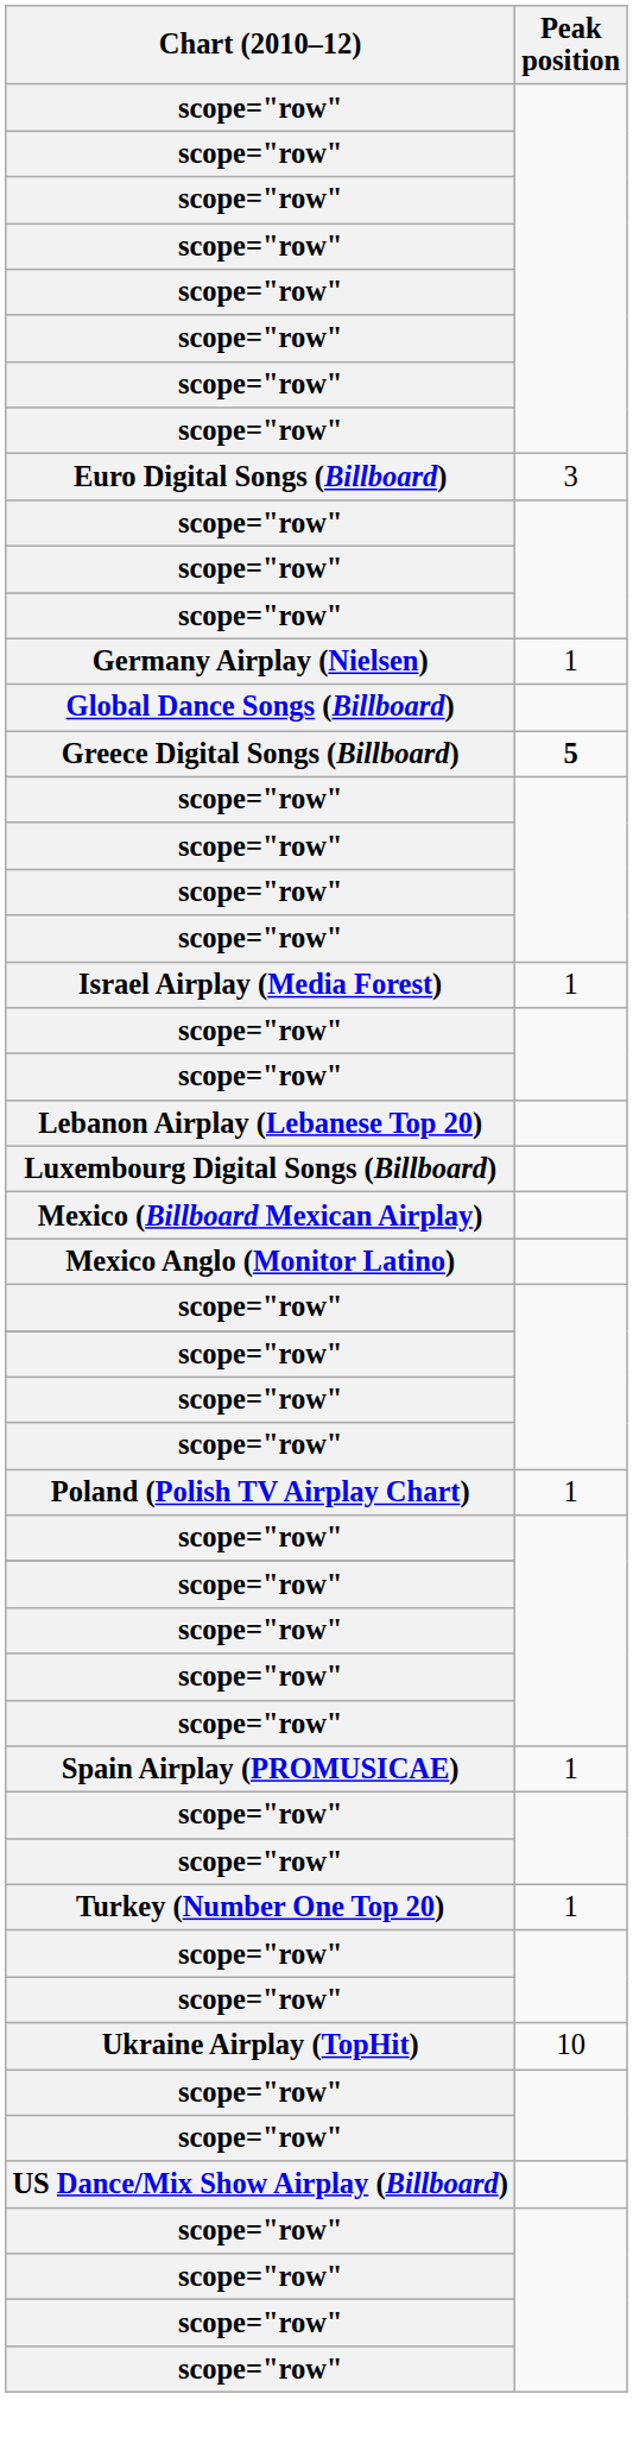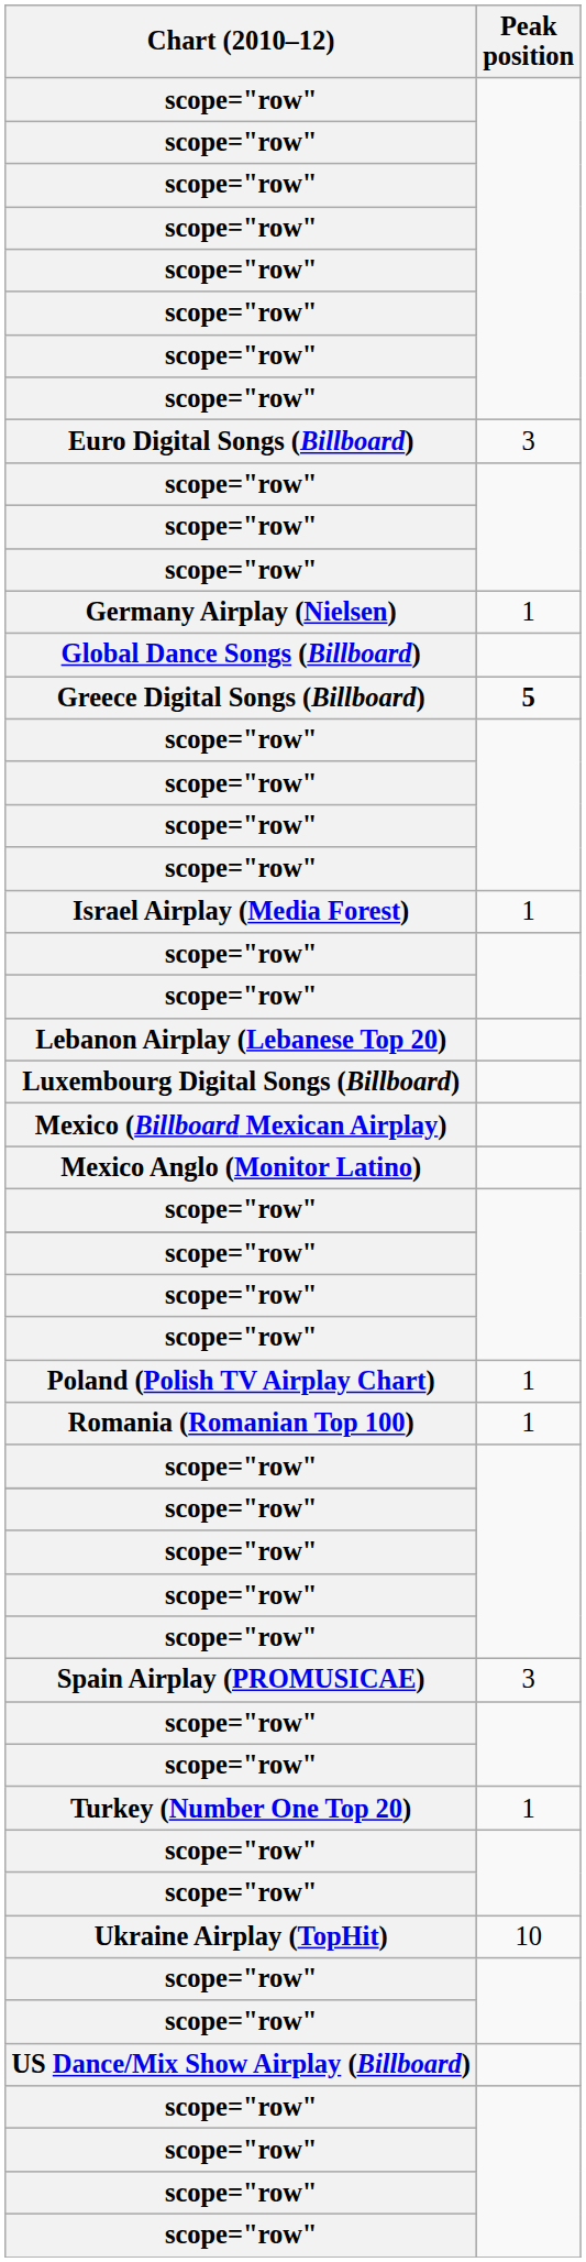 <table class="wikitable plainrowheaders sortable" style="text-align:center;">
 <tr>
 <th scope="col">Chart (2010–12)</th>
 <th scope="col">Peak<br>position</th>
 </tr>
 <tr>
 <th>scope="row"</th>
 </tr>
 <tr>
 <th>scope="row"</th>
 </tr>
 <tr>
 <th>scope="row"</th>
 </tr>
 <tr>
 <th>scope="row"</th>
 </tr>
 <tr>
 <th>scope="row"</th>
 </tr>
 <tr>
 <th>scope="row"</th>
 </tr>
 <tr>
 <th>scope="row"</th>
 </tr>
 <tr>
 <th>scope="row"</th>
 </tr>
 <tr>
 <th scope="row">Euro Digital Songs (<em><a href='#'>Billboard</a></em>)</th>
 <td>3</td>
 </tr>
 <tr>
 <th>scope="row"</th>
 </tr>
 <tr>
 <th>scope="row"</th>
 </tr>
 <tr>
 <th>scope="row"</th>
 </tr>
 <tr>
 <th scope="row">Germany Airplay (<a href='#'>Nielsen</a>)</th>
 <td style="text-align:center;">1</td>
 </tr>
 <tr>
 <th scope="row"><a href='#'>Global Dance Songs</a> (<em><a href='#'>Billboard</a></em>)</th>
 <td></td>
 </tr>
 <tr>
 <th scope="row">Greece Digital Songs (<em>Billboard</em>)</th>
 <td><strong>5</strong></td>
 </tr>
 <tr>
 <th>scope="row"</th>
 </tr>
 <tr>
 <th>scope="row"</th>
 </tr>
 <tr>
 <th>scope="row"</th>
 </tr>
 <tr>
 <th>scope="row"</th>
 </tr>
 <tr>
 <th scope="row">Israel Airplay (<a href='#'>Media Forest</a>)</th>
 <td>1</td>
 </tr>
 <tr>
 <th>scope="row"</th>
 </tr>
 <tr>
 <th>scope="row"</th>
 </tr>
 <tr>
 <th scope="row">Lebanon Airplay (<a href='#'>Lebanese Top 20</a>)</th>
 <td></td>
 </tr>
 <tr>
 <th scope="row">Luxembourg Digital Songs (<em>Billboard</em>)</th>
 <td></td>
 </tr>
 <tr>
 <th scope="row">Mexico (<a href='#'><em>Billboard</em> Mexican Airplay</a>)</th>
 <td></td>
 </tr>
 <tr>
 <th scope="row">Mexico Anglo (<a href='#'>Monitor Latino</a>)</th>
 <td></td>
 </tr>
 <tr>
 <th>scope="row"</th>
 </tr>
 <tr>
 </tr>
 <tr>
 <th>scope="row"</th>
 </tr>
 <tr>
 <th>scope="row"</th>
 </tr>
 <tr>
 <th>scope="row"</th>
 </tr>
 <tr>
 <th scope="row">Poland (<a href='#'>Polish TV Airplay Chart</a>)</th>
 <td>1</td>
 </tr>
 <tr>
+<th scope="row">Romania (<a href='#'>Romanian Top 100</a>)</th>
+<td>1</td>
+</tr>
+<tr>
 <th>scope="row"</th>
 </tr>
 <tr>
 </tr>
 <tr>
 <th>scope="row"</th>
 </tr>
 <tr>
 <th>scope="row"</th>
 </tr>
 <tr>
 <th>scope="row"</th>
 </tr>
 <tr>
 <th>scope="row"</th>
 </tr>
 <tr>
 <th scope="row">Spain Airplay (<a href='#'>PROMUSICAE</a>)</th>
-<td>1</td>
+<td>3</td>
 </tr>
 <tr>
 <th>scope="row"</th>
 </tr>
 <tr>
 <th>scope="row"</th>
 </tr>
 <tr>
 <th scope="row">Turkey (<a href='#'>Number One Top 20</a>)</th>
 <td>1</td>
 </tr>
 <tr>
 <th>scope="row"</th>
 </tr>
 <tr>
 <th>scope="row"</th>
 </tr>
 <tr>
 <th scope="row">Ukraine Airplay (<a href='#'>TopHit</a>)</th>
 <td>10</td>
 </tr>
 <tr>
 <th>scope="row"</th>
 </tr>
 <tr>
 <th>scope="row"</th>
 </tr>
 <tr>
 <th scope="row">US <a href='#'>Dance/Mix Show Airplay</a> (<em><a href='#'>Billboard</a></em>)</th>
 <td></td>
 </tr>
 <tr>
 <th>scope="row"</th>
 </tr>
 <tr>
 <th>scope="row"</th>
 </tr>
 <tr>
 <th>scope="row"</th>
 </tr>
 <tr>
 <th>scope="row"</th>
 </tr>
 </table>
